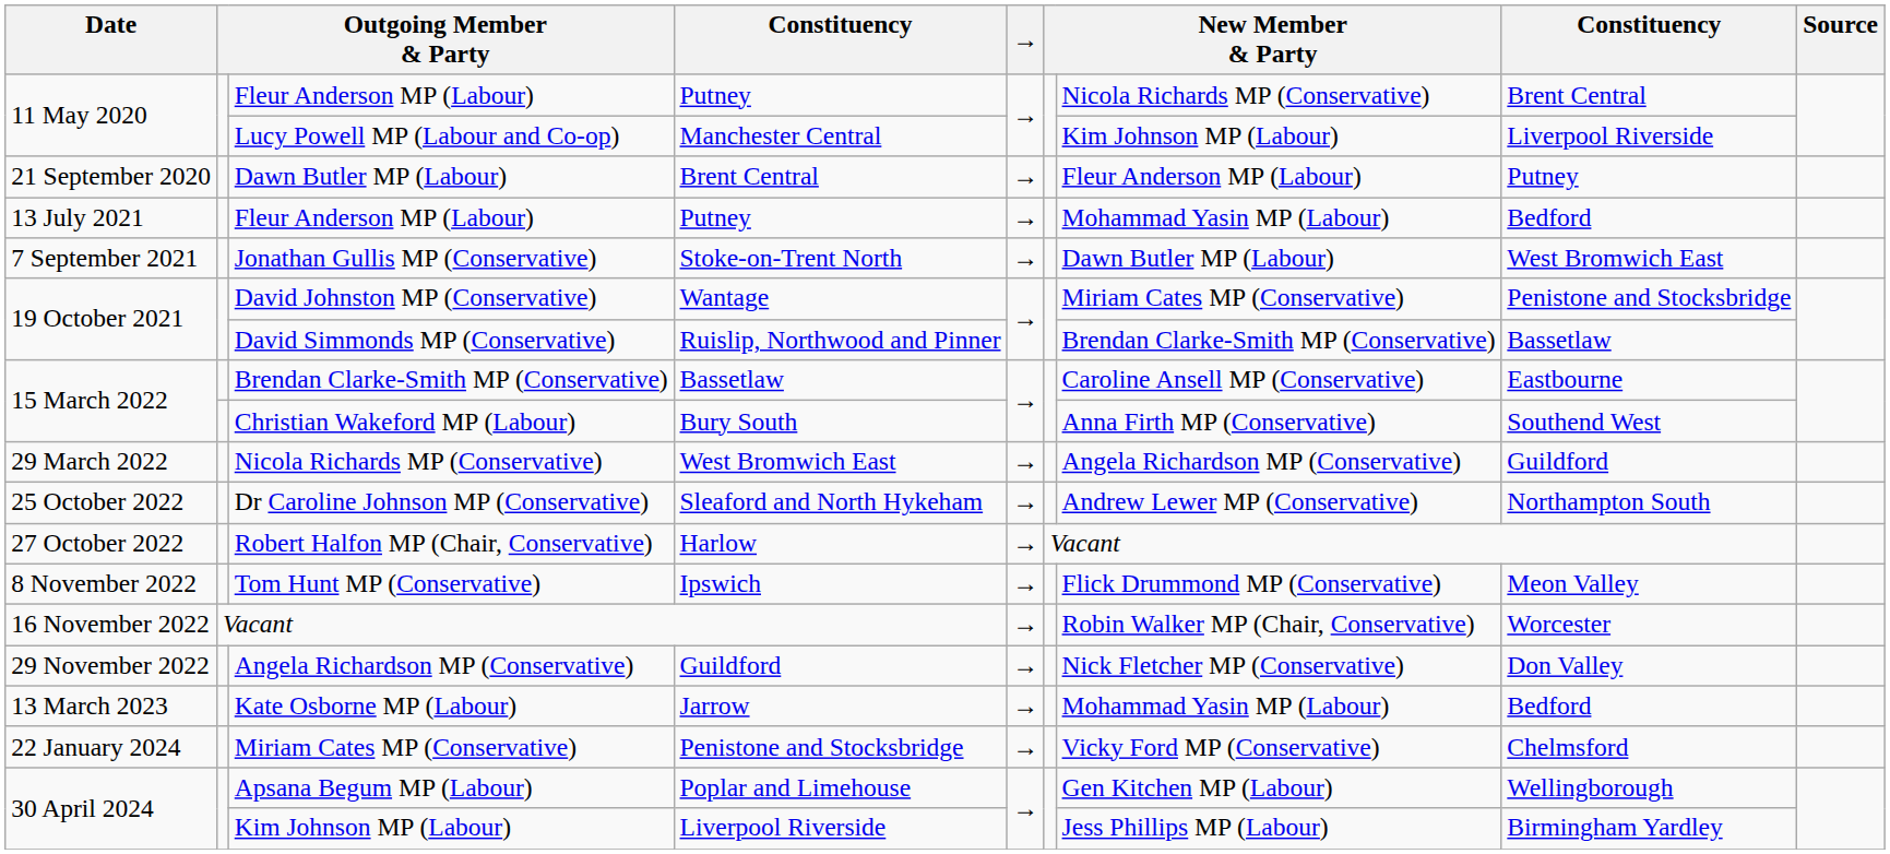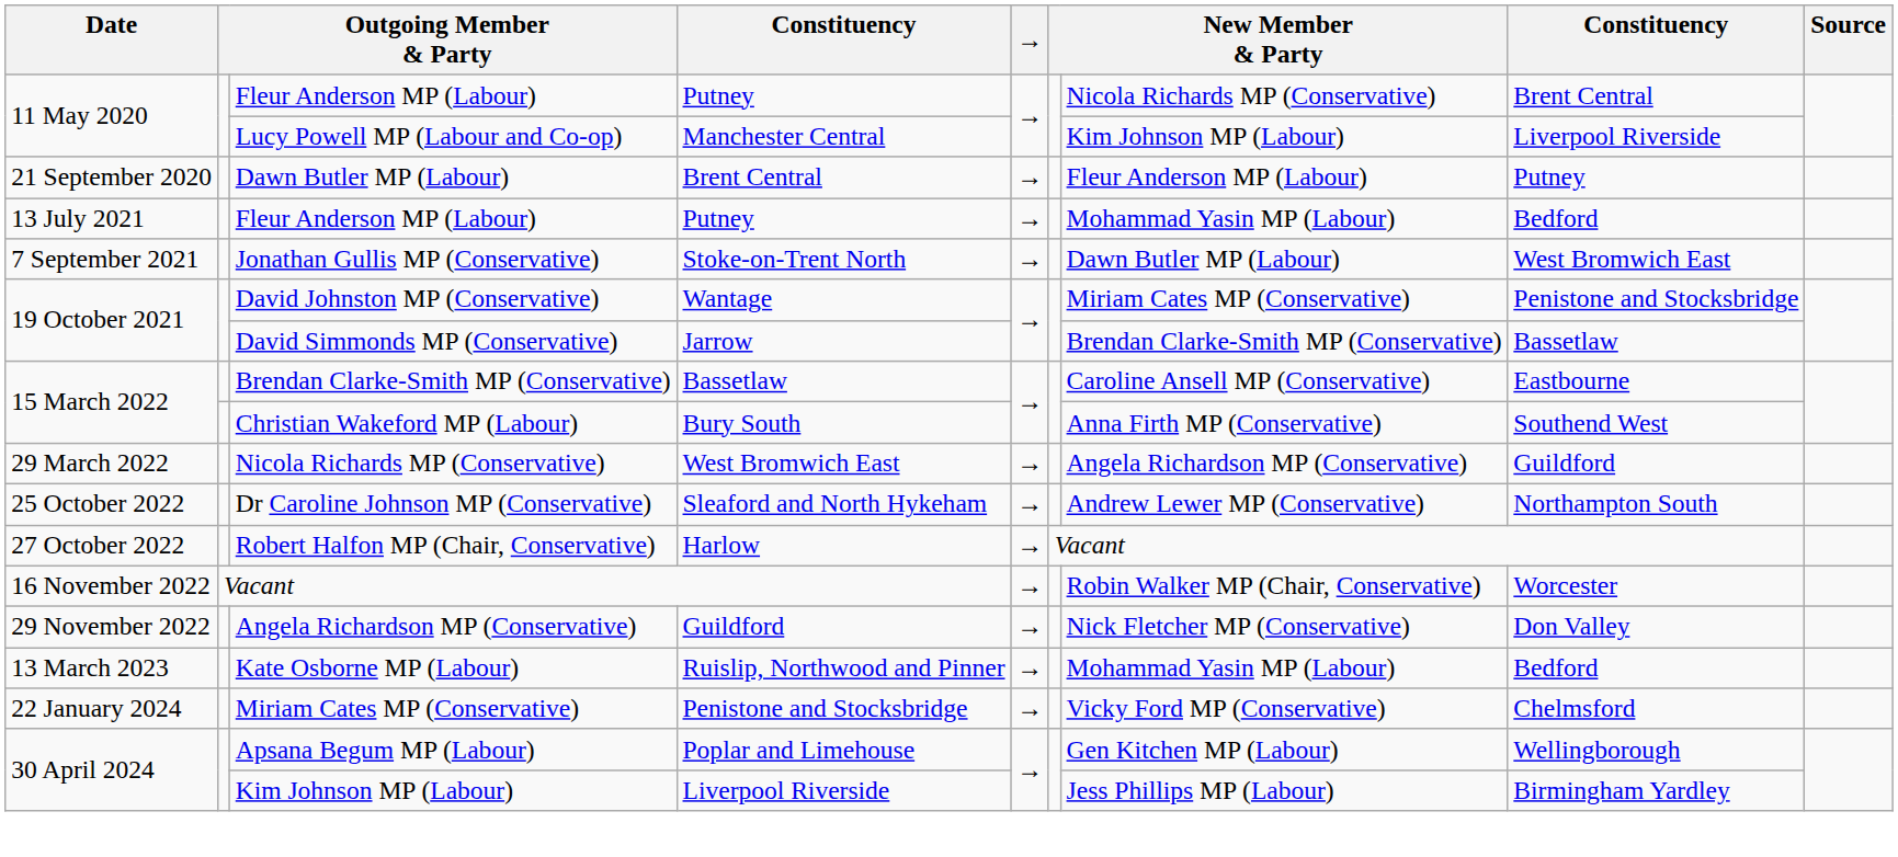 <table class="wikitable">
 <tr>
 <th valign="top">Date</th>
 <th colspan="2" valign="top">Outgoing Member<br>& Party</th>
 <th valign="top">Constituency</th>
 <th>→</th>
 <th colspan="2" valign="top">New Member<br>& Party</th>
 <th valign="top">Constituency</th>
 <th valign="top">Source</th>
 </tr>
 <tr>
 <td rowspan=2>11 May 2020</td>
 <td rowspan=2 style="color:inherit;background:"></td>
 <td><a href='#'>Fleur Anderson</a> MP (<a href='#'>Labour</a>)</td>
 <td><a href='#'>Putney</a></td>
 <td rowspan=2>→</td>
 <td rowspan=2 style="color:inherit;background:"></td>
 <td><a href='#'>Nicola Richards</a> MP (<a href='#'>Conservative</a>)</td>
 <td><a href='#'>Brent Central</a></td>
 <td rowspan=2></td>
 </tr>
 <tr>
 <td><a href='#'>Lucy Powell</a> MP (<a href='#'>Labour and Co-op</a>)</td>
 <td><a href='#'>Manchester Central</a></td>
 <td><a href='#'>Kim Johnson</a> MP (<a href='#'>Labour</a>)</td>
 <td><a href='#'>Liverpool Riverside</a></td>
 </tr>
 <tr>
 <td>21 September 2020</td>
 <td style="color:inherit;background:"></td>
 <td><a href='#'>Dawn Butler</a> MP (<a href='#'>Labour</a>)</td>
 <td><a href='#'>Brent Central</a></td>
 <td>→</td>
 <td style="color:inherit;background:"></td>
 <td><a href='#'>Fleur Anderson</a> MP (<a href='#'>Labour</a>)</td>
 <td><a href='#'>Putney</a></td>
 <td></td>
 </tr>
 <tr>
 <td>13 July 2021</td>
 <td style="color:inherit;background:"></td>
 <td><a href='#'>Fleur Anderson</a> MP (<a href='#'>Labour</a>)</td>
 <td><a href='#'>Putney</a></td>
 <td>→</td>
 <td style="color:inherit;background:"></td>
 <td><a href='#'>Mohammad Yasin</a> MP (<a href='#'>Labour</a>)</td>
 <td><a href='#'>Bedford</a></td>
 </tr>
 <tr>
 <td>7 September 2021</td>
 <td style="color:inherit;background:"></td>
 <td><a href='#'>Jonathan Gullis</a> MP (<a href='#'>Conservative</a>)</td>
 <td><a href='#'>Stoke-on-Trent North</a></td>
 <td>→</td>
 <td style="color:inherit;background:"></td>
 <td><a href='#'>Dawn Butler</a> MP (<a href='#'>Labour</a>)</td>
 <td><a href='#'>West Bromwich East</a></td>
 <td></td>
 </tr>
 <tr>
 <td rowspan=2>19 October 2021</td>
 <td rowspan=2 style="color:inherit;background:"></td>
 <td><a href='#'>David Johnston</a> MP (<a href='#'>Conservative</a>)</td>
 <td><a href='#'>Wantage</a></td>
 <td rowspan=2>→</td>
 <td rowspan=2 style="color:inherit;background:"></td>
 <td><a href='#'>Miriam Cates</a> MP (<a href='#'>Conservative</a>)</td>
 <td><a href='#'>Penistone and Stocksbridge</a></td>
 <td rowspan=2></td>
 </tr>
 <tr>
 <td><a href='#'>David Simmonds</a> MP (<a href='#'>Conservative</a>)</td>
-<td><a href='#'>Ruislip, Northwood and Pinner</a></td>
+<td><a href='#'>Jarrow</a></td>
 <td><a href='#'>Brendan Clarke-Smith</a> MP (<a href='#'>Conservative</a>)</td>
 <td><a href='#'>Bassetlaw</a></td>
 </tr>
 <tr>
 <td rowspan=2>15 March 2022</td>
 <td style="color:inherit;background:"></td>
 <td><a href='#'>Brendan Clarke-Smith</a> MP (<a href='#'>Conservative</a>)</td>
 <td><a href='#'>Bassetlaw</a></td>
 <td rowspan=2>→</td>
 <td rowspan=2 style="color:inherit;background:"></td>
 <td><a href='#'>Caroline Ansell</a> MP (<a href='#'>Conservative</a>)</td>
 <td><a href='#'>Eastbourne</a></td>
 <td rowspan=2></td>
 </tr>
 <tr>
 <td style="color:inherit;background:"></td>
 <td><a href='#'>Christian Wakeford</a> MP (<a href='#'>Labour</a>)</td>
 <td><a href='#'>Bury South</a></td>
 <td><a href='#'>Anna Firth</a> MP (<a href='#'>Conservative</a>)</td>
 <td><a href='#'>Southend West</a></td>
 </tr>
 <tr>
 <td>29 March 2022</td>
 <td style="color:inherit;background:"></td>
 <td><a href='#'>Nicola Richards</a> MP (<a href='#'>Conservative</a>)</td>
 <td><a href='#'>West Bromwich East</a></td>
 <td>→</td>
 <td style="color:inherit;background:"></td>
 <td><a href='#'>Angela Richardson</a> MP (<a href='#'>Conservative</a>)</td>
 <td><a href='#'>Guildford</a></td>
 <td></td>
 </tr>
 <tr>
 <td>25 October 2022</td>
 <td style="color:inherit;background:"></td>
 <td>Dr <a href='#'>Caroline Johnson</a> MP (<a href='#'>Conservative</a>)</td>
 <td><a href='#'>Sleaford and North Hykeham</a></td>
 <td>→</td>
 <td style="color:inherit;background:"></td>
 <td><a href='#'>Andrew Lewer</a> MP (<a href='#'>Conservative</a>)</td>
 <td><a href='#'>Northampton South</a></td>
 <td></td>
 </tr>
 <tr>
 <td>27 October 2022</td>
 <td style="color:inherit;background:"></td>
 <td><a href='#'>Robert Halfon</a> MP (Chair, <a href='#'>Conservative</a>)</td>
 <td><a href='#'>Harlow</a></td>
 <td>→</td>
 <td colspan=3><em>Vacant</em></td>
 <td></td>
 </tr>
 <tr>
-<td>8 November 2022</td>
-<td style="color:inherit;background:"></td>
-<td><a href='#'>Tom Hunt</a> MP (<a href='#'>Conservative</a>)</td>
-<td><a href='#'>Ipswich</a></td>
-<td>→</td>
-<td style="color:inherit;background:"></td>
-<td><a href='#'>Flick Drummond</a> MP (<a href='#'>Conservative</a>)</td>
-<td><a href='#'>Meon Valley</a></td>
-<td></td>
-</tr>
-<tr>
 <td>16 November 2022</td>
 <td colspan=3><em>Vacant</em></td>
 <td>→</td>
 <td style="color:inherit;background:"></td>
 <td><a href='#'>Robin Walker</a> MP (Chair, <a href='#'>Conservative</a>)</td>
 <td><a href='#'>Worcester</a></td>
 <td></td>
 </tr>
 <tr>
 <td>29 November 2022</td>
 <td style="color:inherit;background:"></td>
 <td><a href='#'>Angela Richardson</a> MP (<a href='#'>Conservative</a>)</td>
 <td><a href='#'>Guildford</a></td>
 <td>→</td>
 <td style="color:inherit;background:"></td>
 <td><a href='#'>Nick Fletcher</a> MP (<a href='#'>Conservative</a>)</td>
 <td><a href='#'>Don Valley</a></td>
 <td></td>
 </tr>
 <tr>
 <td>13 March 2023</td>
 <td style="color:inherit;background:"></td>
 <td><a href='#'>Kate Osborne</a> MP (<a href='#'>Labour</a>)</td>
-<td><a href='#'>Jarrow</a></td>
+<td><a href='#'>Ruislip, Northwood and Pinner</a></td>
 <td>→</td>
 <td style="color:inherit;background:"></td>
 <td><a href='#'>Mohammad Yasin</a> MP (<a href='#'>Labour</a>)</td>
 <td><a href='#'>Bedford</a></td>
 <td></td>
 </tr>
 <tr>
 <td>22 January 2024</td>
 <td style="color:inherit;background:"></td>
 <td><a href='#'>Miriam Cates</a> MP (<a href='#'>Conservative</a>)</td>
 <td><a href='#'>Penistone and Stocksbridge</a></td>
 <td>→</td>
 <td style="color:inherit;background:"></td>
 <td><a href='#'>Vicky Ford</a> MP (<a href='#'>Conservative</a>)</td>
 <td><a href='#'>Chelmsford</a></td>
 <td></td>
 </tr>
 <tr>
 <td rowspan=2>30 April 2024</td>
 <td rowspan=2 style="color:inherit;background:"></td>
 <td><a href='#'>Apsana Begum</a> MP (<a href='#'>Labour</a>)</td>
 <td><a href='#'>Poplar and Limehouse</a></td>
 <td rowspan=2>→</td>
 <td rowspan=2 style="color:inherit;background:"></td>
 <td><a href='#'>Gen Kitchen</a> MP (<a href='#'>Labour</a>)</td>
 <td><a href='#'>Wellingborough</a></td>
 <td rowspan=2></td>
 </tr>
 <tr>
 <td><a href='#'>Kim Johnson</a> MP (<a href='#'>Labour</a>)</td>
 <td><a href='#'>Liverpool Riverside</a></td>
 <td><a href='#'>Jess Phillips</a> MP (<a href='#'>Labour</a>)</td>
 <td><a href='#'>Birmingham Yardley</a></td>
 </tr>
 </table>
